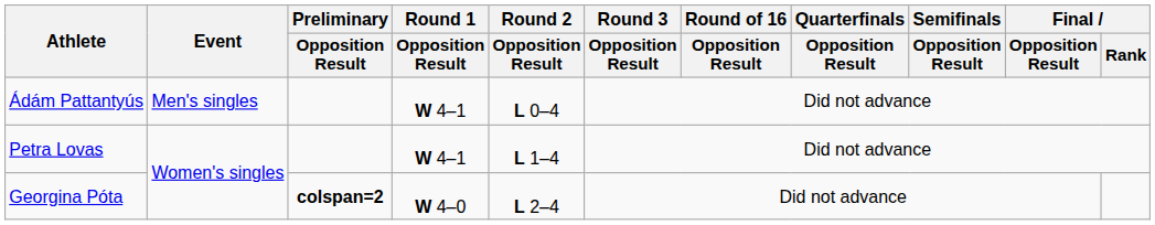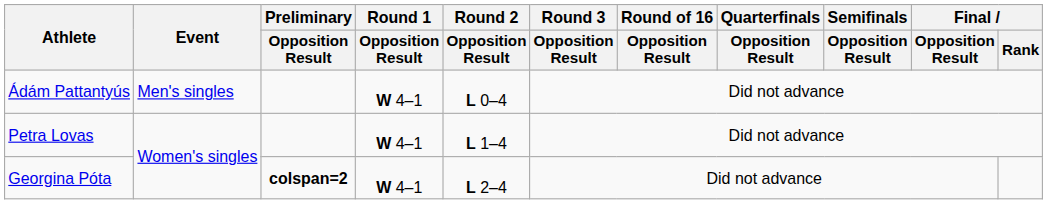 <table class="wikitable" style="font-size:90%;">
 <tr>
 <th rowspan=2>Athlete</th>
 <th rowspan=2>Event</th>
 <th>Preliminary</th>
 <th>Round 1</th>
 <th>Round 2</th>
 <th>Round 3</th>
 <th>Round of 16</th>
 <th>Quarterfinals</th>
 <th>Semifinals</th>
 <th colspan=2>Final / </th>
 </tr>
 <tr style="font-size:95%">
 <th>Opposition<br>Result</th>
 <th>Opposition<br>Result</th>
 <th>Opposition<br>Result</th>
 <th>Opposition<br>Result</th>
 <th>Opposition<br>Result</th>
 <th>Opposition<br>Result</th>
 <th>Opposition<br>Result</th>
 <th>Opposition<br>Result</th>
 <th>Rank</th>
 </tr>
 <tr align=center>
 <td align=left><a href='#'>Ádám Pattantyús</a></td>
 <td align=left><a href='#'>Men's singles</a></td>
 <td></td>
 <td><br><strong>W</strong> 4–1</td>
 <td><br><strong>L</strong> 0–4</td>
 <td colspan=6>Did not advance</td>
 </tr>
 <tr align=center>
 <td align=left><a href='#'>Petra Lovas</a></td>
 <td align=left rowspan=2><a href='#'>Women's singles</a></td>
 <td></td>
 <td><br><strong>W</strong> 4–1</td>
 <td><br><strong>L</strong> 1–4</td>
 <td colspan=6>Did not advance</td>
 </tr>
 <tr align=center>
 <td align=left><a href='#'>Georgina Póta</a></td>
 <td><strong>colspan=2 </strong></td>
-<td><br><strong>W</strong> 4–0</td>
+<td><br><strong>W</strong> 4–1</td>
 <td><br><strong>L</strong> 2–4</td>
 <td colspan=5>Did not advance</td>
 </tr>
 </table>
